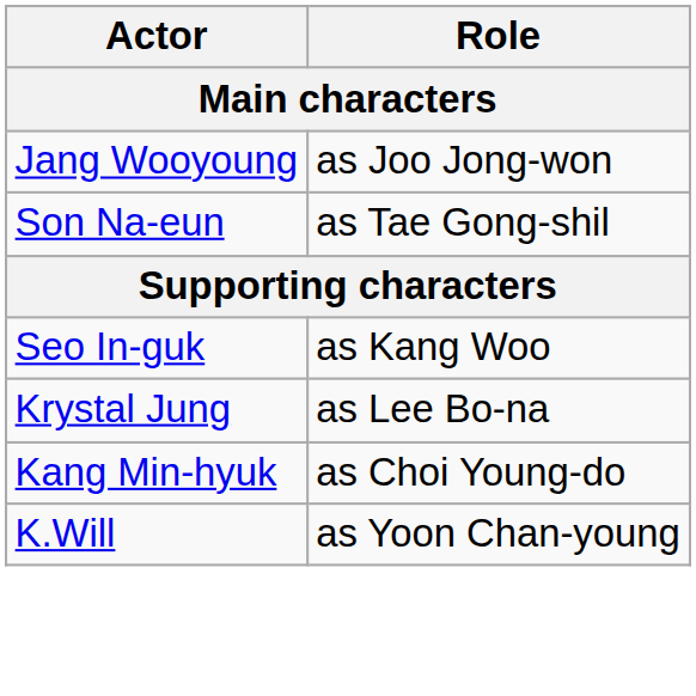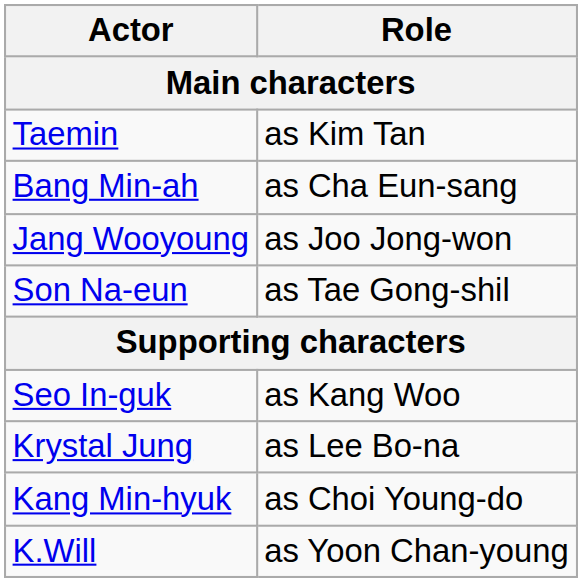 <table class="wikitable">
 <tr>
 <th>Actor</th>
 <th>Role</th>
 </tr>
 <tr>
 <th colspan=2 align=center><strong>Main characters</strong></th>
+</tr>
+<tr>
+<td><a href='#'>Taemin</a></td>
+<td>as Kim Tan</td>
+</tr>
+<tr>
+<td><a href='#'>Bang Min-ah</a></td>
+<td>as Cha Eun-sang</td>
 </tr>
 <tr>
 <td><a href='#'>Jang Wooyoung</a></td>
 <td>as Joo Jong-won</td>
 </tr>
 <tr>
 <td><a href='#'>Son Na-eun</a></td>
 <td>as Tae Gong-shil</td>
 </tr>
 <tr>
 <th colspan=2 align=center><strong>Supporting characters</strong></th>
 </tr>
 <tr>
 <td><a href='#'>Seo In-guk</a></td>
 <td>as Kang Woo</td>
 </tr>
 <tr>
 <td><a href='#'>Krystal Jung</a></td>
 <td>as Lee Bo-na</td>
 </tr>
 <tr>
 <td><a href='#'>Kang Min-hyuk</a></td>
 <td>as Choi Young-do</td>
 </tr>
 <tr>
 <td><a href='#'>K.Will</a></td>
 <td>as Yoon Chan-young</td>
 </tr>
 </table>
